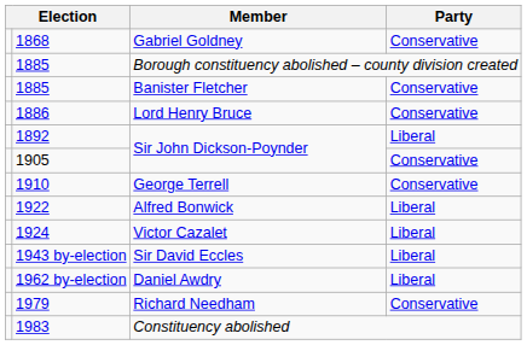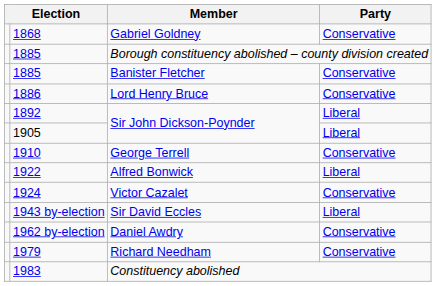 <table class="wikitable">
 <tr>
 <th colspan="2">Election</th>
 <th>Member</th>
 <th>Party</th>
 </tr>
 <tr>
 <td style="color:inherit;background-color: "></td>
 <td><a href='#'>1868</a></td>
 <td><a href='#'>Gabriel Goldney</a></td>
 <td><a href='#'>Conservative</a></td>
 </tr>
 <tr>
 <td></td>
 <td><a href='#'>1885</a></td>
 <td colspan="2"><em>Borough constituency abolished – county division created</em></td>
 </tr>
 <tr>
 <td style="color:inherit;background-color: "></td>
 <td><a href='#'>1885</a></td>
 <td><a href='#'>Banister Fletcher</a></td>
 <td><a href='#'>Conservative</a></td>
 </tr>
 <tr>
 <td style="color:inherit;background-color: "></td>
 <td><a href='#'>1886</a></td>
 <td><a href='#'>Lord Henry Bruce</a></td>
 <td><a href='#'>Conservative</a></td>
 </tr>
 <tr>
 <td style="color:inherit;background-color: "></td>
 <td><a href='#'>1892</a></td>
 <td rowspan="2"><a href='#'>Sir John Dickson-Poynder</a></td>
 <td><a href='#'>Liberal</a></td>
 </tr>
 <tr>
 <td style="color:inherit;background-color: "></td>
 <td>1905</td>
-<td><a href='#'>Conservative</a></td>
+<td><a href='#'>Liberal</a></td>
 </tr>
 <tr>
 <td style="color:inherit;background-color: "></td>
 <td><a href='#'>1910</a></td>
 <td><a href='#'>George Terrell</a></td>
 <td><a href='#'>Conservative</a></td>
 </tr>
 <tr>
 <td style="color:inherit;background-color: "></td>
 <td><a href='#'>1922</a></td>
 <td><a href='#'>Alfred Bonwick</a></td>
 <td><a href='#'>Liberal</a></td>
 </tr>
 <tr>
 <td style="color:inherit;background-color: "></td>
 <td><a href='#'>1924</a></td>
 <td><a href='#'>Victor Cazalet</a></td>
-<td><a href='#'>Liberal</a></td>
+<td><a href='#'>Conservative</a></td>
 </tr>
 <tr>
 <td style="color:inherit;background-color: "></td>
 <td><a href='#'>1943 by-election</a></td>
 <td><a href='#'>Sir David Eccles</a></td>
 <td><a href='#'>Liberal</a></td>
 </tr>
 <tr>
 <td style="color:inherit;background-color: "></td>
 <td><a href='#'>1962 by-election</a></td>
 <td><a href='#'>Daniel Awdry</a></td>
-<td><a href='#'>Liberal</a></td>
+<td><a href='#'>Conservative</a></td>
 </tr>
 <tr>
 <td style="color:inherit;background-color: "></td>
 <td><a href='#'>1979</a></td>
 <td><a href='#'>Richard Needham</a></td>
 <td><a href='#'>Conservative</a></td>
 </tr>
 <tr>
 <td></td>
 <td><a href='#'>1983</a></td>
 <td colspan="2"><em>Constituency abolished</em></td>
 </tr>
 </table>
